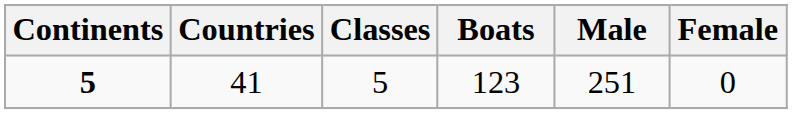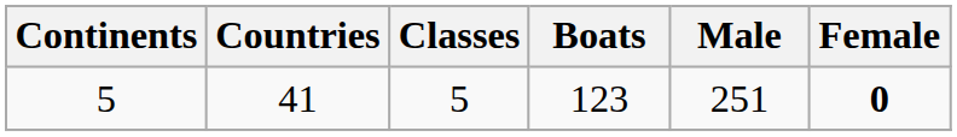 <table class="wikitable">
 <tr>
 <th width=50>Continents</th>
 <th width=50>Countries</th>
 <th width=50>Classes</th>
 <th width=50>Boats</th>
 <th width=50>Male</th>
 <th width=50>Female</th>
 </tr>
 <tr>
-<td align="center"><strong>5</strong></td>
+<td align="center">5</td>
 <td align="center">41</td>
 <td align="center">5</td>
 <td align="center">123</td>
 <td align="center">251</td>
-<td align="center">0</td>
+<td align="center"><strong>0</strong></td>
 </tr>
 <tr>
 </tr>
 </table>
